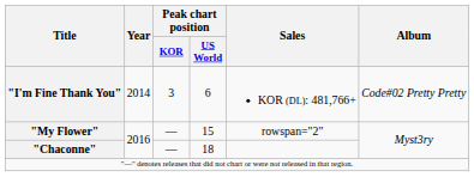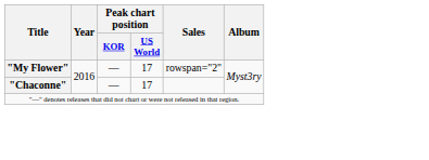 <table class="wikitable plainrowheaders" style="text-align:center;">
 <tr>
 <th scope="col" rowspan="2">Title</th>
 <th scope="col" rowspan="2">Year</th>
 <th scope="col" colspan="2">Peak chart position</th>
 <th scope="col" rowspan="2">Sales</th>
 <th scope="col" rowspan="2">Album</th>
 </tr>
 <tr>
 <th scope="col" style="width:3em;font-size:90%;"><a href='#'>KOR</a><br></th>
 <th scope="col" style="width:3em;font-size:90%;"><a href='#'>US<br><span>World</span></a><br></th>
 </tr>
 <tr>
-<th scope="row">"I'm Fine Thank You"</th>
-<td>2014</td>
-<td>3</td>
-<td>6</td>
-<td><br><ul><li>KOR <small>(DL)</small>: 481,766+</li></ul></td>
-<td><em>Code#02 Pretty Pretty</em></td>
-</tr>
-<tr>
 <th scope="row">"My Flower"</th>
 <td rowspan="2">2016</td>
 <td>—</td>
-<td>15</td>
+<td>17</td>
 <td>rowspan="2" </td>
 <td rowspan="2"><em>Myst3ry</em></td>
 </tr>
 <tr>
 <th scope="row">"Chaconne"</th>
 <td>—</td>
-<td>18</td>
+<td>17</td>
 </tr>
 <tr>
 <td colspan="6" style="font-size:8pt;">"—" denotes releases that did not chart or were not released in that region.</td>
 </tr>
 </table>
